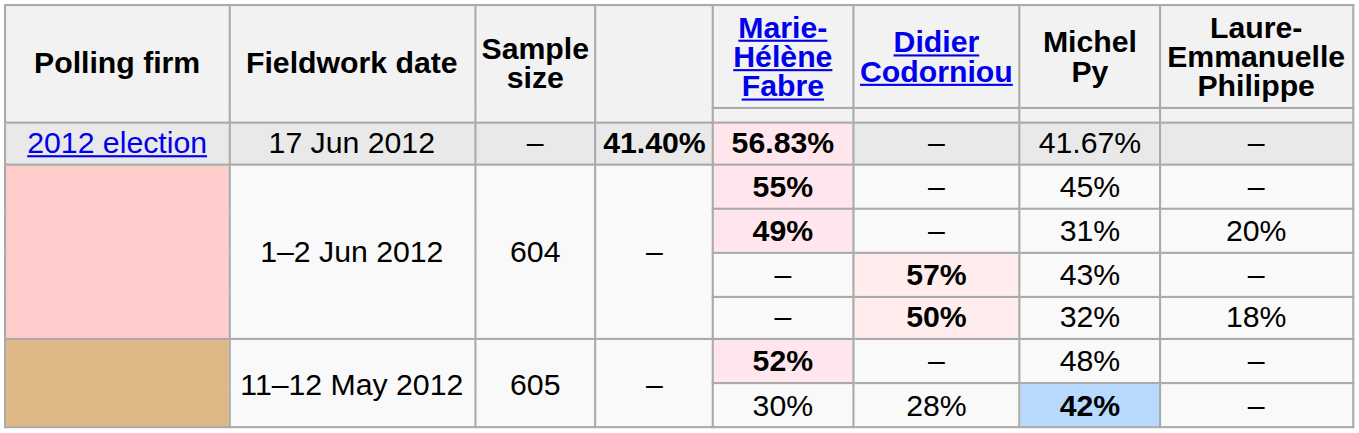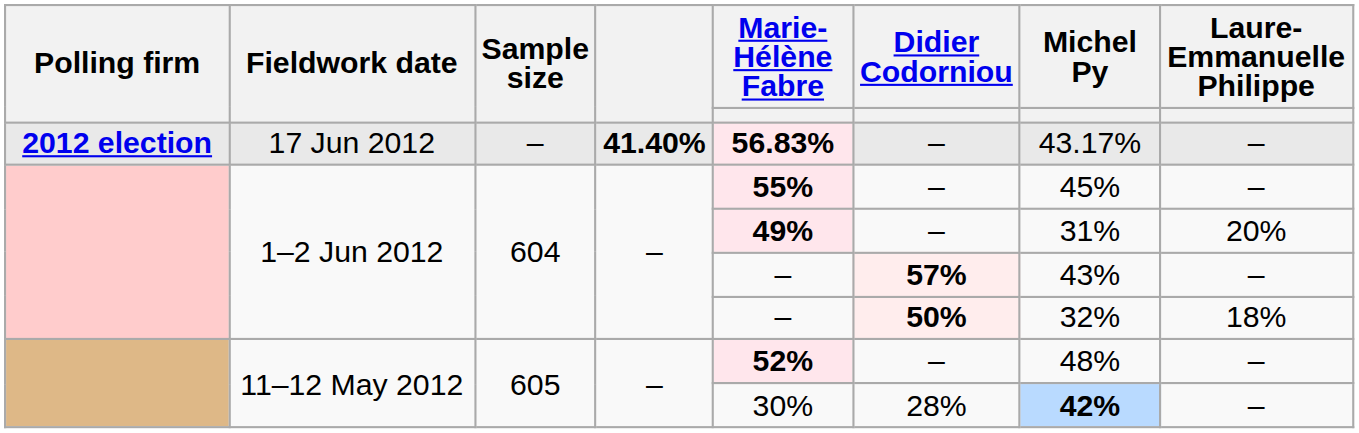 <table class="wikitable sortable" style="text-align:center;font-size:90%;line-height:14px;">
 <tr style="height:40px;">
 <th style="width:100px;" rowspan="2">Polling firm</th>
 <th style="width:110px;" rowspan="2">Fieldwork date</th>
 <th style="width:35px;" rowspan="2">Sample<br>size</th>
 <th style="width:30px;" rowspan="2"></th>
 <th class="unsortable" style="width:60px;"><a href='#'>Marie-Hélène Fabre</a><br></th>
 <th class="unsortable" style="width:60px;"><a href='#'>Didier Codorniou</a><br></th>
 <th class="unsortable" style="width:60px;">Michel Py<br></th>
 <th class="unsortable" style="width:60px;">Laure-Emmanuelle Philippe<br></th>
 </tr>
 <tr>
 <th style="background:"></th>
 <th style="background:"></th>
 <th style="background:"></th>
 <th style="background:"></th>
 </tr>
 <tr style="background:#E9E9E9;">
-<td><a href='#'>2012 election</a></td>
+<td><strong><a href='#'>2012 election</a></strong></td>
 <td data-sort-value="2012-06-17">17 Jun 2012</td>
 <td>–</td>
 <td><strong>41.40%</strong></td>
 <td style="background:#FFE6EC;"><strong>56.83%</strong></td>
 <td>–</td>
-<td>41.67%</td>
+<td>43.17%</td>
 <td>–</td>
 </tr>
 <tr>
 <td rowspan="4" style="background:#FFCCCC;"></td>
 <td rowspan="4" data-sort-value="2012-06-02">1–2 Jun 2012</td>
 <td rowspan="4">604</td>
 <td rowspan="4">–</td>
 <td style="background:#FFE6EC;"><strong>55%</strong></td>
 <td>–</td>
 <td>45%</td>
 <td>–</td>
 </tr>
 <tr>
 <td style="background:#FFE6EC;"><strong>49%</strong></td>
 <td>–</td>
 <td>31%</td>
 <td>20%</td>
 </tr>
 <tr>
 <td>–</td>
 <td style="background:#FFEDED;"><strong>57%</strong></td>
 <td>43%</td>
 <td>–</td>
 </tr>
 <tr>
 <td>–</td>
 <td style="background:#FFEDED;"><strong>50%</strong></td>
 <td>32%</td>
 <td>18%</td>
 </tr>
 <tr>
 <td rowspan="2" style="background:burlywood;"></td>
 <td rowspan="2" data-sort-value="2012-05-12">11–12 May 2012</td>
 <td rowspan="2">605</td>
 <td rowspan="2">–</td>
 <td style="background:#FFE6EC;"><strong>52%</strong></td>
 <td>–</td>
 <td>48%</td>
 <td>–</td>
 </tr>
 <tr>
 <td>30%</td>
 <td>28%</td>
 <td style="background:#B9DAFF;"><strong>42%</strong></td>
 <td>–</td>
 </tr>
 </table>
